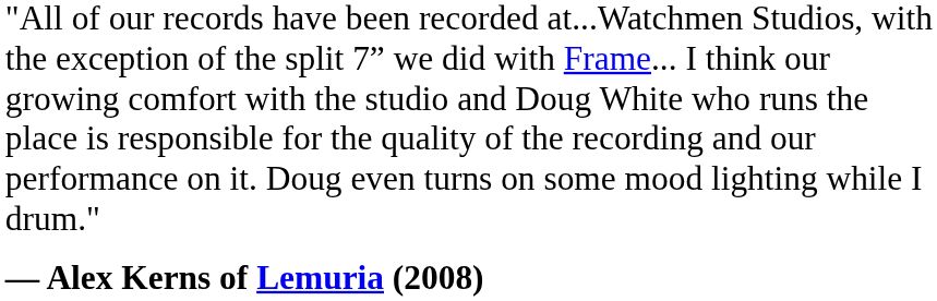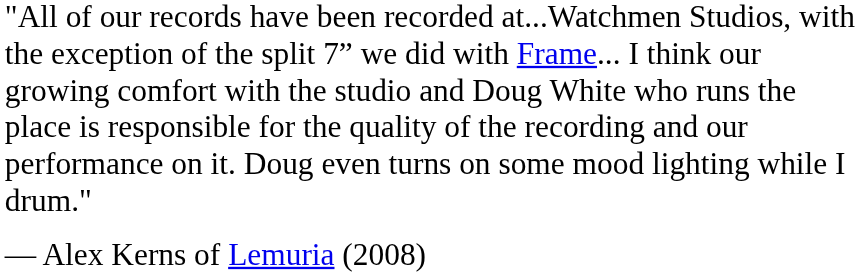 <table class="toccolours" style="float: left; margin-left: 0em; margin-right: 1em; font-size: 85%; background:offwhite; color:black; width:28em; max-width: 45%;" cellspacing="5">
 <tr>
 <td style="text-align: left;">"All of our records have been recorded at...Watchmen Studios, with the exception of the split 7” we did with <a href='#'>Frame</a>... I think our growing comfort with the studio and Doug White who runs the place is responsible for the quality of the recording and our performance on it. Doug even turns on some mood lighting while I drum."</td>
 </tr>
 <tr>
-<td style="text-align: left;"><strong>— Alex Kerns of <a href='#'>Lemuria</a> (2008)</strong></td>
+<td style="text-align: left;">— Alex Kerns of <a href='#'>Lemuria</a> (2008)</td>
 </tr>
 </table>
